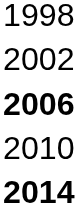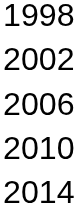 <table>
 <tr>
 <td>1998</td>
 <td></td>
 <td></td>
 <td></td>
 </tr>
 <tr>
 <td>2002</td>
 <td></td>
 <td></td>
 <td></td>
 </tr>
 <tr>
-<td><strong>2006<br></strong></td>
+<td>2006<br></td>
 <td></td>
 <td></td>
 <td></td>
 </tr>
 <tr>
 <td>2010<br></td>
 <td></td>
 <td></td>
 <td></td>
 </tr>
 <tr>
-<td><strong>2014<br></strong></td>
+<td>2014<br></td>
 <td></td>
 <td></td>
 <td></td>
 </tr>
 </table>
